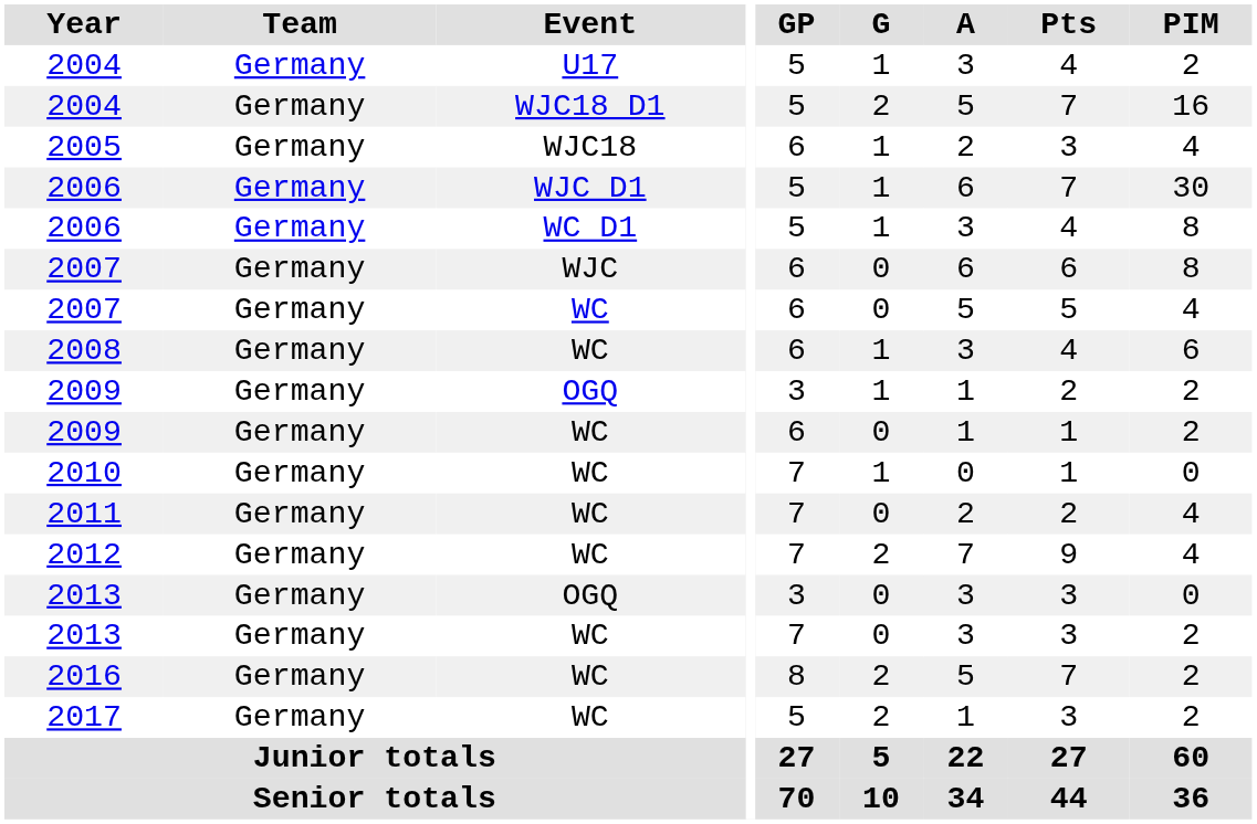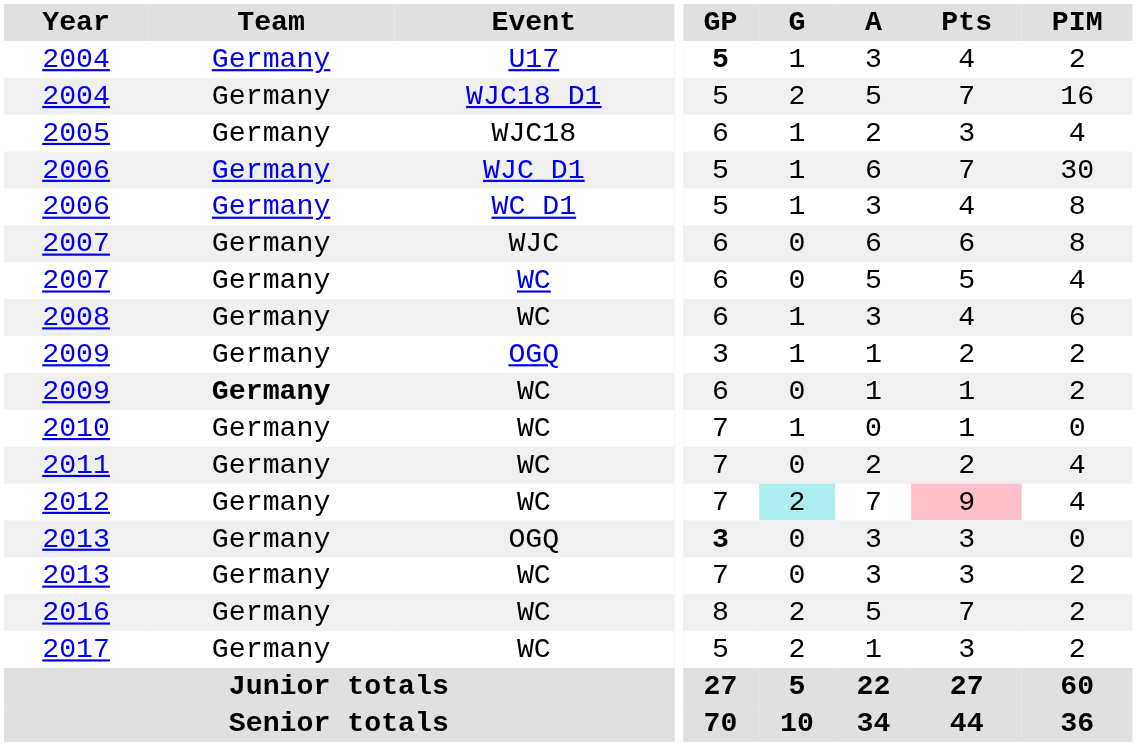 <table border="0" cellpadding="1" cellspacing="0" ID="Table3" style="text-align:center; width:40em">
 <tr ALIGN="center" bgcolor="#e0e0e0">
 <th>Year</th>
 <th>Team</th>
 <th>Event</th>
 <th rowspan="99" bgcolor="#ffffff"></th>
 <th>GP</th>
 <th>G</th>
 <th>A</th>
 <th>Pts</th>
 <th>PIM</th>
 </tr>
 <tr>
 <td><a href='#'>2004</a></td>
 <td><a href='#'>Germany</a></td>
 <td><a href='#'>U17</a></td>
-<td>5</td>
+<td><strong>5</strong></td>
 <td>1</td>
 <td>3</td>
 <td>4</td>
 <td>2</td>
 </tr>
 <tr bgcolor="#f0f0f0">
 <td><a href='#'>2004</a></td>
 <td>Germany</td>
 <td><a href='#'>WJC18 D1</a></td>
 <td>5</td>
 <td>2</td>
 <td>5</td>
 <td>7</td>
 <td>16</td>
 </tr>
 <tr>
 <td><a href='#'>2005</a></td>
 <td>Germany</td>
 <td>WJC18</td>
 <td>6</td>
 <td>1</td>
 <td>2</td>
 <td>3</td>
 <td>4</td>
 </tr>
 <tr bgcolor="#f0f0f0">
 <td><a href='#'>2006</a></td>
 <td><a href='#'>Germany</a></td>
 <td><a href='#'>WJC D1</a></td>
 <td>5</td>
 <td>1</td>
 <td>6</td>
 <td>7</td>
 <td>30</td>
 </tr>
 <tr>
 <td><a href='#'>2006</a></td>
 <td><a href='#'>Germany</a></td>
 <td><a href='#'>WC D1</a></td>
 <td>5</td>
 <td>1</td>
 <td>3</td>
 <td>4</td>
 <td>8</td>
 </tr>
 <tr bgcolor="#f0f0f0">
 <td><a href='#'>2007</a></td>
 <td>Germany</td>
 <td>WJC</td>
 <td>6</td>
 <td>0</td>
 <td>6</td>
 <td>6</td>
 <td>8</td>
 </tr>
 <tr>
 <td><a href='#'>2007</a></td>
 <td>Germany</td>
 <td><a href='#'>WC</a></td>
 <td>6</td>
 <td>0</td>
 <td>5</td>
 <td>5</td>
 <td>4</td>
 </tr>
 <tr bgcolor="#f0f0f0">
 <td><a href='#'>2008</a></td>
 <td>Germany</td>
 <td>WC</td>
 <td>6</td>
 <td>1</td>
 <td>3</td>
 <td>4</td>
 <td>6</td>
 </tr>
 <tr>
 <td><a href='#'>2009</a></td>
 <td>Germany</td>
 <td><a href='#'>OGQ</a></td>
 <td>3</td>
 <td>1</td>
 <td>1</td>
 <td>2</td>
 <td>2</td>
 </tr>
 <tr bgcolor="#f0f0f0">
 <td><a href='#'>2009</a></td>
-<td>Germany</td>
+<td><strong>Germany</strong></td>
 <td>WC</td>
 <td>6</td>
 <td>0</td>
 <td>1</td>
 <td>1</td>
 <td>2</td>
 </tr>
 <tr>
 <td><a href='#'>2010</a></td>
 <td>Germany</td>
 <td>WC</td>
 <td>7</td>
 <td>1</td>
 <td>0</td>
 <td>1</td>
 <td>0</td>
 </tr>
 <tr bgcolor="#f0f0f0">
 <td><a href='#'>2011</a></td>
 <td>Germany</td>
 <td>WC</td>
 <td>7</td>
 <td>0</td>
 <td>2</td>
 <td>2</td>
 <td>4</td>
 </tr>
 <tr>
 <td><a href='#'>2012</a></td>
 <td>Germany</td>
 <td>WC</td>
 <td>7</td>
-<td>2</td>
+<td style="background: paleturquoise;">2</td>
 <td>7</td>
-<td>9</td>
+<td style="background: pink;">9</td>
 <td>4</td>
 </tr>
 <tr bgcolor="#f0f0f0">
 <td><a href='#'>2013</a></td>
 <td>Germany</td>
 <td>OGQ</td>
-<td>3</td>
+<td><strong>3</strong></td>
 <td>0</td>
 <td>3</td>
 <td>3</td>
 <td>0</td>
 </tr>
 <tr>
 <td><a href='#'>2013</a></td>
 <td>Germany</td>
 <td>WC</td>
 <td>7</td>
 <td>0</td>
 <td>3</td>
 <td>3</td>
 <td>2</td>
 </tr>
 <tr bgcolor="#f0f0f0">
 <td><a href='#'>2016</a></td>
 <td>Germany</td>
 <td>WC</td>
 <td>8</td>
 <td>2</td>
 <td>5</td>
 <td>7</td>
 <td>2</td>
 </tr>
 <tr>
 <td><a href='#'>2017</a></td>
 <td>Germany</td>
 <td>WC</td>
 <td>5</td>
 <td>2</td>
 <td>1</td>
 <td>3</td>
 <td>2</td>
 </tr>
 <tr bgcolor="#e0e0e0">
 <th colspan="3">Junior totals</th>
 <th>27</th>
 <th>5</th>
 <th>22</th>
 <th>27</th>
 <th>60</th>
 </tr>
 <tr bgcolor="#e0e0e0">
 <th colspan="3">Senior totals</th>
 <th>70</th>
 <th>10</th>
 <th>34</th>
 <th>44</th>
 <th>36</th>
 </tr>
 </table>
